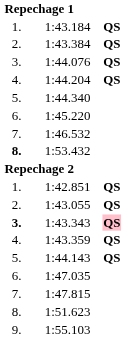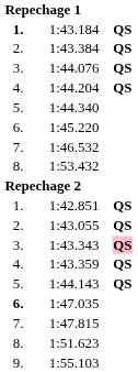 <table style="text-align:center">
 <tr>
 <td colspan=4 align=left><strong>Repechage 1</strong></td>
 </tr>
 <tr>
-<td width=30>1.</td>
+<td width=30><strong>1.</strong></td>
 <td align=left></td>
 <td width=80>1:43.184</td>
 <td><strong>QS</strong></td>
 </tr>
 <tr>
 <td>2.</td>
 <td align=left></td>
 <td>1:43.384</td>
 <td><strong>QS</strong></td>
 </tr>
 <tr>
 <td>3.</td>
 <td align=left></td>
 <td>1:44.076</td>
 <td><strong>QS</strong></td>
 </tr>
 <tr>
 <td>4.</td>
 <td align=left></td>
 <td>1:44.204</td>
 <td><strong>QS</strong></td>
 </tr>
 <tr>
 <td>5.</td>
 <td align=left></td>
 <td>1:44.340</td>
 <td></td>
 </tr>
 <tr>
 <td>6.</td>
 <td align=left></td>
 <td>1:45.220</td>
 <td></td>
 </tr>
 <tr>
 <td>7.</td>
 <td align=left></td>
 <td>1:46.532</td>
 <td></td>
 </tr>
 <tr>
-<td><strong>8.</strong></td>
+<td>8.</td>
 <td align=left></td>
 <td>1:53.432</td>
 <td></td>
 </tr>
 <tr>
 <td colspan=4 align=left><strong>Repechage 2</strong></td>
 </tr>
 <tr>
 <td>1.</td>
 <td align=left></td>
 <td>1:42.851</td>
 <td><strong>QS</strong></td>
 </tr>
 <tr>
 <td>2.</td>
 <td align=left></td>
 <td>1:43.055</td>
 <td><strong>QS</strong></td>
 </tr>
 <tr>
-<td><strong>3.</strong></td>
+<td>3.</td>
 <td align=left></td>
 <td>1:43.343</td>
 <td style="background: pink;"><strong>QS</strong></td>
 </tr>
 <tr>
 <td>4.</td>
 <td align=left></td>
 <td>1:43.359</td>
 <td><strong>QS</strong></td>
 </tr>
 <tr>
 <td>5.</td>
 <td align=left></td>
 <td>1:44.143</td>
 <td><strong>QS</strong></td>
 </tr>
 <tr>
-<td>6.</td>
+<td><strong>6.</strong></td>
 <td align=left></td>
 <td>1:47.035</td>
 <td></td>
 </tr>
 <tr>
 <td>7.</td>
 <td align=left></td>
 <td>1:47.815</td>
 <td></td>
 </tr>
 <tr>
 <td>8.</td>
 <td align=left></td>
 <td>1:51.623</td>
 <td></td>
 </tr>
 <tr>
 <td>9.</td>
 <td align=left></td>
 <td>1:55.103</td>
 <td></td>
 </tr>
 </table>
